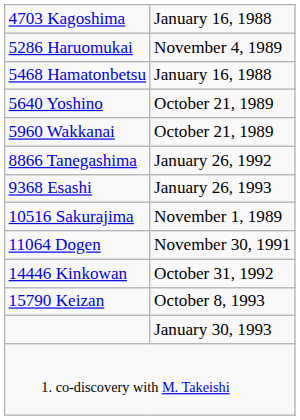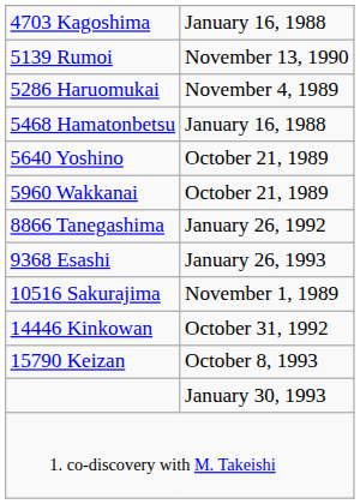 <table class="wikitable floatright" style="font-size: 0.9em;">
 <tr>
 <td><a href='#'>4703 Kagoshima</a></td>
 <td>January 16, 1988</td>
+</tr>
+<tr>
+<td><a href='#'>5139 Rumoi</a></td>
+<td>November 13, 1990</td>
 </tr>
 <tr>
 <td><a href='#'>5286 Haruomukai</a></td>
 <td>November 4, 1989</td>
 </tr>
 <tr>
 <td><a href='#'>5468 Hamatonbetsu</a></td>
 <td>January 16, 1988</td>
 </tr>
 <tr>
 <td><a href='#'>5640 Yoshino</a></td>
 <td>October 21, 1989</td>
 </tr>
 <tr>
 <td><a href='#'>5960 Wakkanai</a></td>
 <td>October 21, 1989</td>
 </tr>
 <tr>
 <td><a href='#'>8866 Tanegashima</a></td>
 <td>January 26, 1992</td>
 </tr>
 <tr>
 <td><a href='#'>9368 Esashi</a></td>
 <td>January 26, 1993</td>
 </tr>
 <tr>
 <td><a href='#'>10516 Sakurajima</a></td>
 <td>November 1, 1989</td>
 </tr>
 <tr>
-<td><a href='#'>11064 Dogen</a></td>
-<td>November 30, 1991</td>
-</tr>
-<tr>
 <td><a href='#'>14446 Kinkowan</a></td>
 <td>October 31, 1992</td>
 </tr>
 <tr>
 <td><a href='#'>15790 Keizan</a></td>
 <td>October 8, 1993</td>
 </tr>
 <tr>
 <td></td>
 <td>January 30, 1993</td>
 </tr>
 <tr>
 <td colspan=2 style="font-size: smaller;"><br><ol><li> co-discovery with <a href='#'>M. Takeishi</a></li></ol></td>
 </tr>
 </table>
